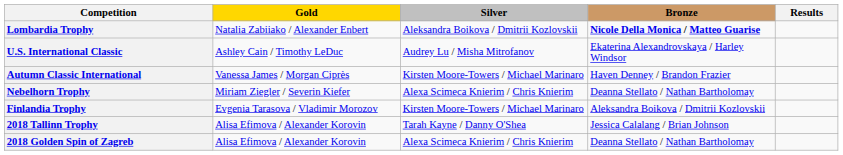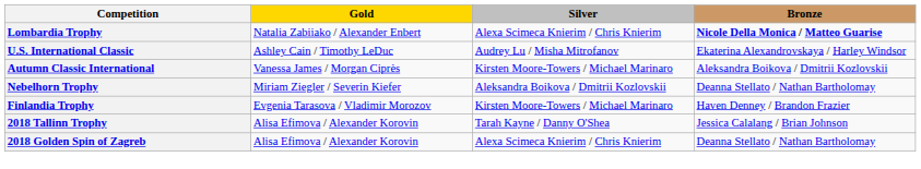 <table class="wikitable unsortable" style="text-align:left; width:100%;">
 <tr>
 <th scope="col" style="text-align:center; width:25%;">Competition</th>
 <td scope="col" style="text-align:center; width:22.5%; background:gold"><strong>Gold</strong></td>
 <td scope="col" style="text-align:center; width:22.5%; background:silver"><strong>Silver</strong></td>
 <td scope="col" style="text-align:center; width:22.5%; background:#c96"><strong>Bronze</strong></td>
-<th scope="col" style="text-align:center; width:7.5%;">Results</th>
 </tr>
 <tr>
 <th scope="row" style="text-align:left"> <a href='#'>Lombardia Trophy</a></th>
 <td> <a href='#'>Natalia Zabiiako</a> / <a href='#'>Alexander Enbert</a></td>
-<td> <a href='#'>Aleksandra Boikova</a> / <a href='#'>Dmitrii Kozlovskii</a></td>
+<td> <a href='#'>Alexa Scimeca Knierim</a> / <a href='#'>Chris Knierim</a></td>
 <td><strong> <a href='#'>Nicole Della Monica</a> / <a href='#'>Matteo Guarise</a></strong></td>
-<td></td>
 </tr>
 <tr>
 <th scope="row" style="text-align:left"> <a href='#'>U.S. International Classic</a></th>
 <td> <a href='#'>Ashley Cain</a> / <a href='#'>Timothy LeDuc</a></td>
 <td> <a href='#'>Audrey Lu</a> / <a href='#'>Misha Mitrofanov</a></td>
 <td> <a href='#'>Ekaterina Alexandrovskaya</a> / <a href='#'>Harley Windsor</a></td>
-<td></td>
 </tr>
 <tr>
 <th scope="row" style="text-align:left"> <a href='#'>Autumn Classic International</a></th>
 <td> <a href='#'>Vanessa James</a> / <a href='#'>Morgan Ciprès</a></td>
 <td> <a href='#'>Kirsten Moore-Towers</a> / <a href='#'>Michael Marinaro</a></td>
-<td> <a href='#'>Haven Denney</a> / <a href='#'>Brandon Frazier</a></td>
-<td></td>
+<td> <a href='#'>Aleksandra Boikova</a> / <a href='#'>Dmitrii Kozlovskii</a></td>
 </tr>
 <tr>
 <th scope="row" style="text-align:left"> <a href='#'>Nebelhorn Trophy</a></th>
 <td> <a href='#'>Miriam Ziegler</a> / <a href='#'>Severin Kiefer</a></td>
-<td> <a href='#'>Alexa Scimeca Knierim</a> / <a href='#'>Chris Knierim</a></td>
+<td> <a href='#'>Aleksandra Boikova</a> / <a href='#'>Dmitrii Kozlovskii</a></td>
 <td> <a href='#'>Deanna Stellato</a> / <a href='#'>Nathan Bartholomay</a></td>
-<td></td>
 </tr>
 <tr>
 <th scope="row" style="text-align:left"> <a href='#'>Finlandia Trophy</a></th>
 <td> <a href='#'>Evgenia Tarasova</a> / <a href='#'>Vladimir Morozov</a></td>
 <td> <a href='#'>Kirsten Moore-Towers</a> / <a href='#'>Michael Marinaro</a></td>
-<td> <a href='#'>Aleksandra Boikova</a> / <a href='#'>Dmitrii Kozlovskii</a></td>
-<td></td>
+<td> <a href='#'>Haven Denney</a> / <a href='#'>Brandon Frazier</a></td>
 </tr>
 <tr>
 <th scope="row" style="text-align:left"> <a href='#'>2018 Tallinn Trophy</a></th>
 <td> <a href='#'>Alisa Efimova</a> / <a href='#'>Alexander Korovin</a></td>
 <td> <a href='#'>Tarah Kayne</a> / <a href='#'>Danny O'Shea</a></td>
 <td> <a href='#'>Jessica Calalang</a> / <a href='#'>Brian Johnson</a></td>
-<td></td>
 </tr>
 <tr>
 <th scope="row" style="text-align:left"> <a href='#'>2018 Golden Spin of Zagreb</a></th>
 <td> <a href='#'>Alisa Efimova</a> / <a href='#'>Alexander Korovin</a></td>
 <td> <a href='#'>Alexa Scimeca Knierim</a> / <a href='#'>Chris Knierim</a></td>
 <td> <a href='#'>Deanna Stellato</a> / <a href='#'>Nathan Bartholomay</a></td>
-<td></td>
 </tr>
 </table>
